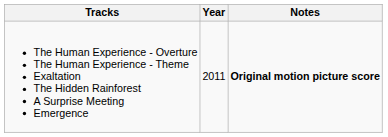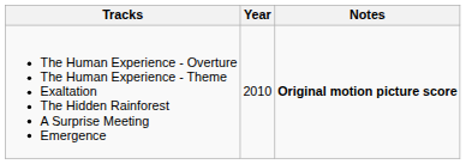 <table class="wikitable sortable">
 <tr>
 <th>Tracks</th>
 <th>Year</th>
 <th>Notes</th>
 </tr>
 <tr>
 <td><br><ul><li>The Human Experience - Overture</li><li>The Human Experience - Theme</li><li>Exaltation</li><li>The Hidden Rainforest</li><li>A Surprise Meeting</li><li>Emergence</li></ul></td>
-<td>2011</td>
+<td>2010</td>
 <td><strong>Original motion picture score</strong></td>
 </tr>
 </table>
